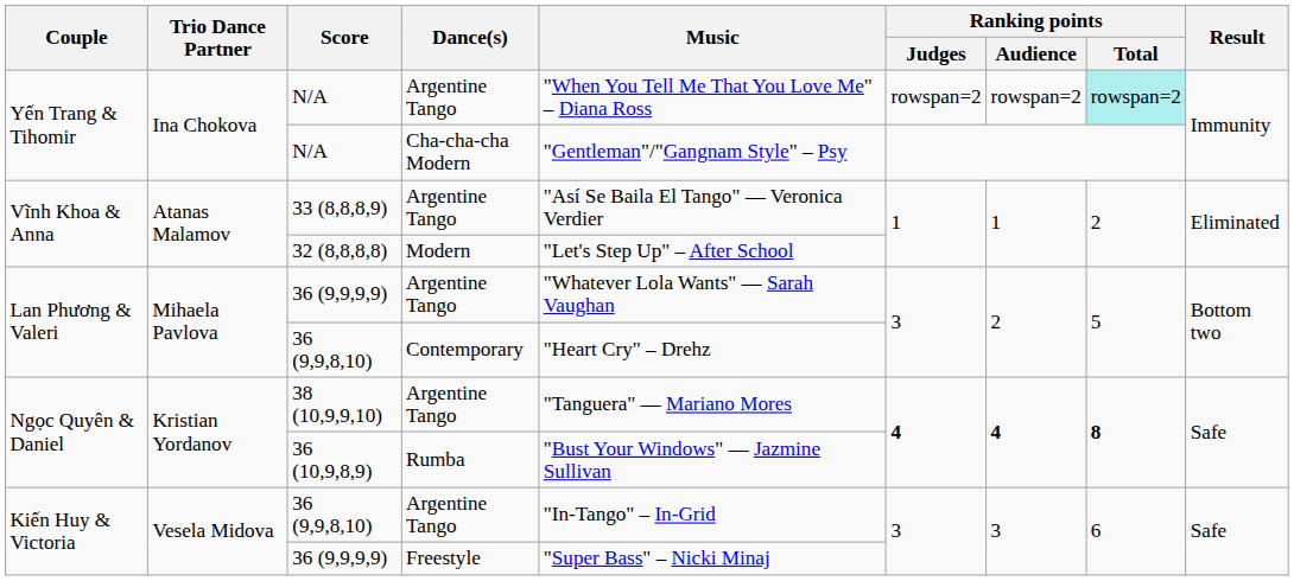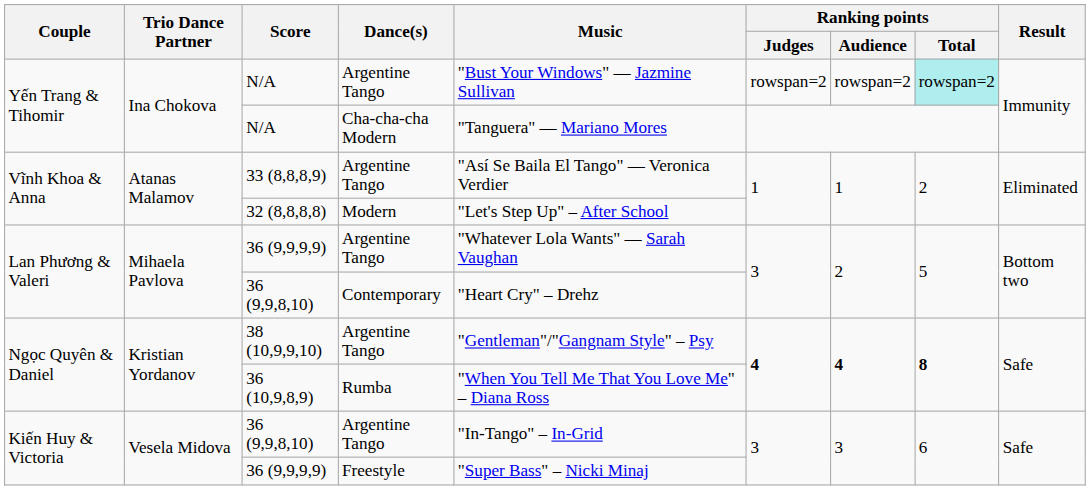 <table class="wikitable" style="width:80%;">
 <tr>
 <th rowspan=2>Couple</th>
 <th rowspan=2>Trio Dance Partner</th>
 <th rowspan=2>Score</th>
 <th rowspan=2>Dance(s)</th>
 <th rowspan=2>Music</th>
 <th colspan=3>Ranking points</th>
 <th rowspan=2>Result</th>
 </tr>
 <tr>
 <th>Judges</th>
 <th>Audience</th>
 <th>Total</th>
 </tr>
 <tr>
 <td rowspan=2>Yến Trang & Tihomir</td>
 <td rowspan=2>Ina Chokova</td>
 <td>N/A</td>
 <td>Argentine Tango</td>
-<td>"<a href='#'>When You Tell Me That You Love Me</a>" – <a href='#'>Diana Ross</a></td>
+<td>"<a href='#'>Bust Your Windows</a>" — <a href='#'>Jazmine Sullivan</a></td>
 <td>rowspan=2 </td>
 <td>rowspan=2 </td>
 <td style="background: paleturquoise;">rowspan=2 </td>
 <td rowspan=2>Immunity</td>
 </tr>
 <tr>
 <td>N/A</td>
 <td>Cha-cha-cha<br>Modern</td>
-<td>"<a href='#'>Gentleman</a>"/"<a href='#'>Gangnam Style</a>" – <a href='#'>Psy</a></td>
+<td>"Tanguera" — <a href='#'>Mariano Mores</a></td>
 </tr>
 <tr>
 <td rowspan=2>Vĩnh Khoa & Anna</td>
 <td rowspan=2>Atanas Malamov</td>
 <td>33 (8,8,8,9)</td>
 <td>Argentine Tango</td>
 <td>"Así Se Baila El Tango" — Veronica Verdier</td>
 <td rowspan=2>1</td>
 <td rowspan=2>1</td>
 <td rowspan=2>2</td>
 <td rowspan=2>Eliminated</td>
 </tr>
 <tr>
 <td>32 (8,8,8,8)</td>
 <td>Modern</td>
 <td>"Let's Step Up" – <a href='#'>After School</a></td>
 </tr>
 <tr>
 <td rowspan=2>Lan Phương & Valeri</td>
 <td rowspan=2>Mihaela Pavlova</td>
 <td>36 (9,9,9,9)</td>
 <td>Argentine Tango</td>
 <td>"Whatever Lola Wants" — <a href='#'>Sarah Vaughan</a></td>
 <td rowspan=2>3</td>
 <td rowspan=2>2</td>
 <td rowspan=2>5</td>
 <td rowspan=2>Bottom two</td>
 </tr>
 <tr>
 <td>36 (9,9,8,10)</td>
 <td>Contemporary</td>
 <td>"Heart Cry" – Drehz</td>
 </tr>
 <tr>
 <td rowspan=2>Ngọc Quyên & Daniel</td>
 <td rowspan=2>Kristian Yordanov</td>
 <td>38 (10,9,9,10)</td>
 <td>Argentine Tango</td>
-<td>"Tanguera" — <a href='#'>Mariano Mores</a></td>
+<td>"<a href='#'>Gentleman</a>"/"<a href='#'>Gangnam Style</a>" – <a href='#'>Psy</a></td>
 <td rowspan=2><strong>4</strong></td>
 <td rowspan=2><strong>4</strong></td>
 <td rowspan=2><strong>8</strong></td>
 <td rowspan=2>Safe</td>
 </tr>
 <tr>
 <td>36 (10,9,8,9)</td>
 <td>Rumba</td>
-<td>"<a href='#'>Bust Your Windows</a>" — <a href='#'>Jazmine Sullivan</a></td>
+<td>"<a href='#'>When You Tell Me That You Love Me</a>" – <a href='#'>Diana Ross</a></td>
 </tr>
 <tr>
 <td rowspan=2>Kiến Huy & Victoria</td>
 <td rowspan=2>Vesela Midova</td>
 <td>36 (9,9,8,10)</td>
 <td>Argentine Tango</td>
 <td>"In-Tango" – <a href='#'>In-Grid</a></td>
 <td rowspan=2>3</td>
 <td rowspan=2>3</td>
 <td rowspan=2>6</td>
 <td rowspan=2>Safe</td>
 </tr>
 <tr>
 <td>36 (9,9,9,9)</td>
 <td>Freestyle</td>
 <td>"<a href='#'>Super Bass</a>" – <a href='#'>Nicki Minaj</a></td>
 </tr>
 </table>
